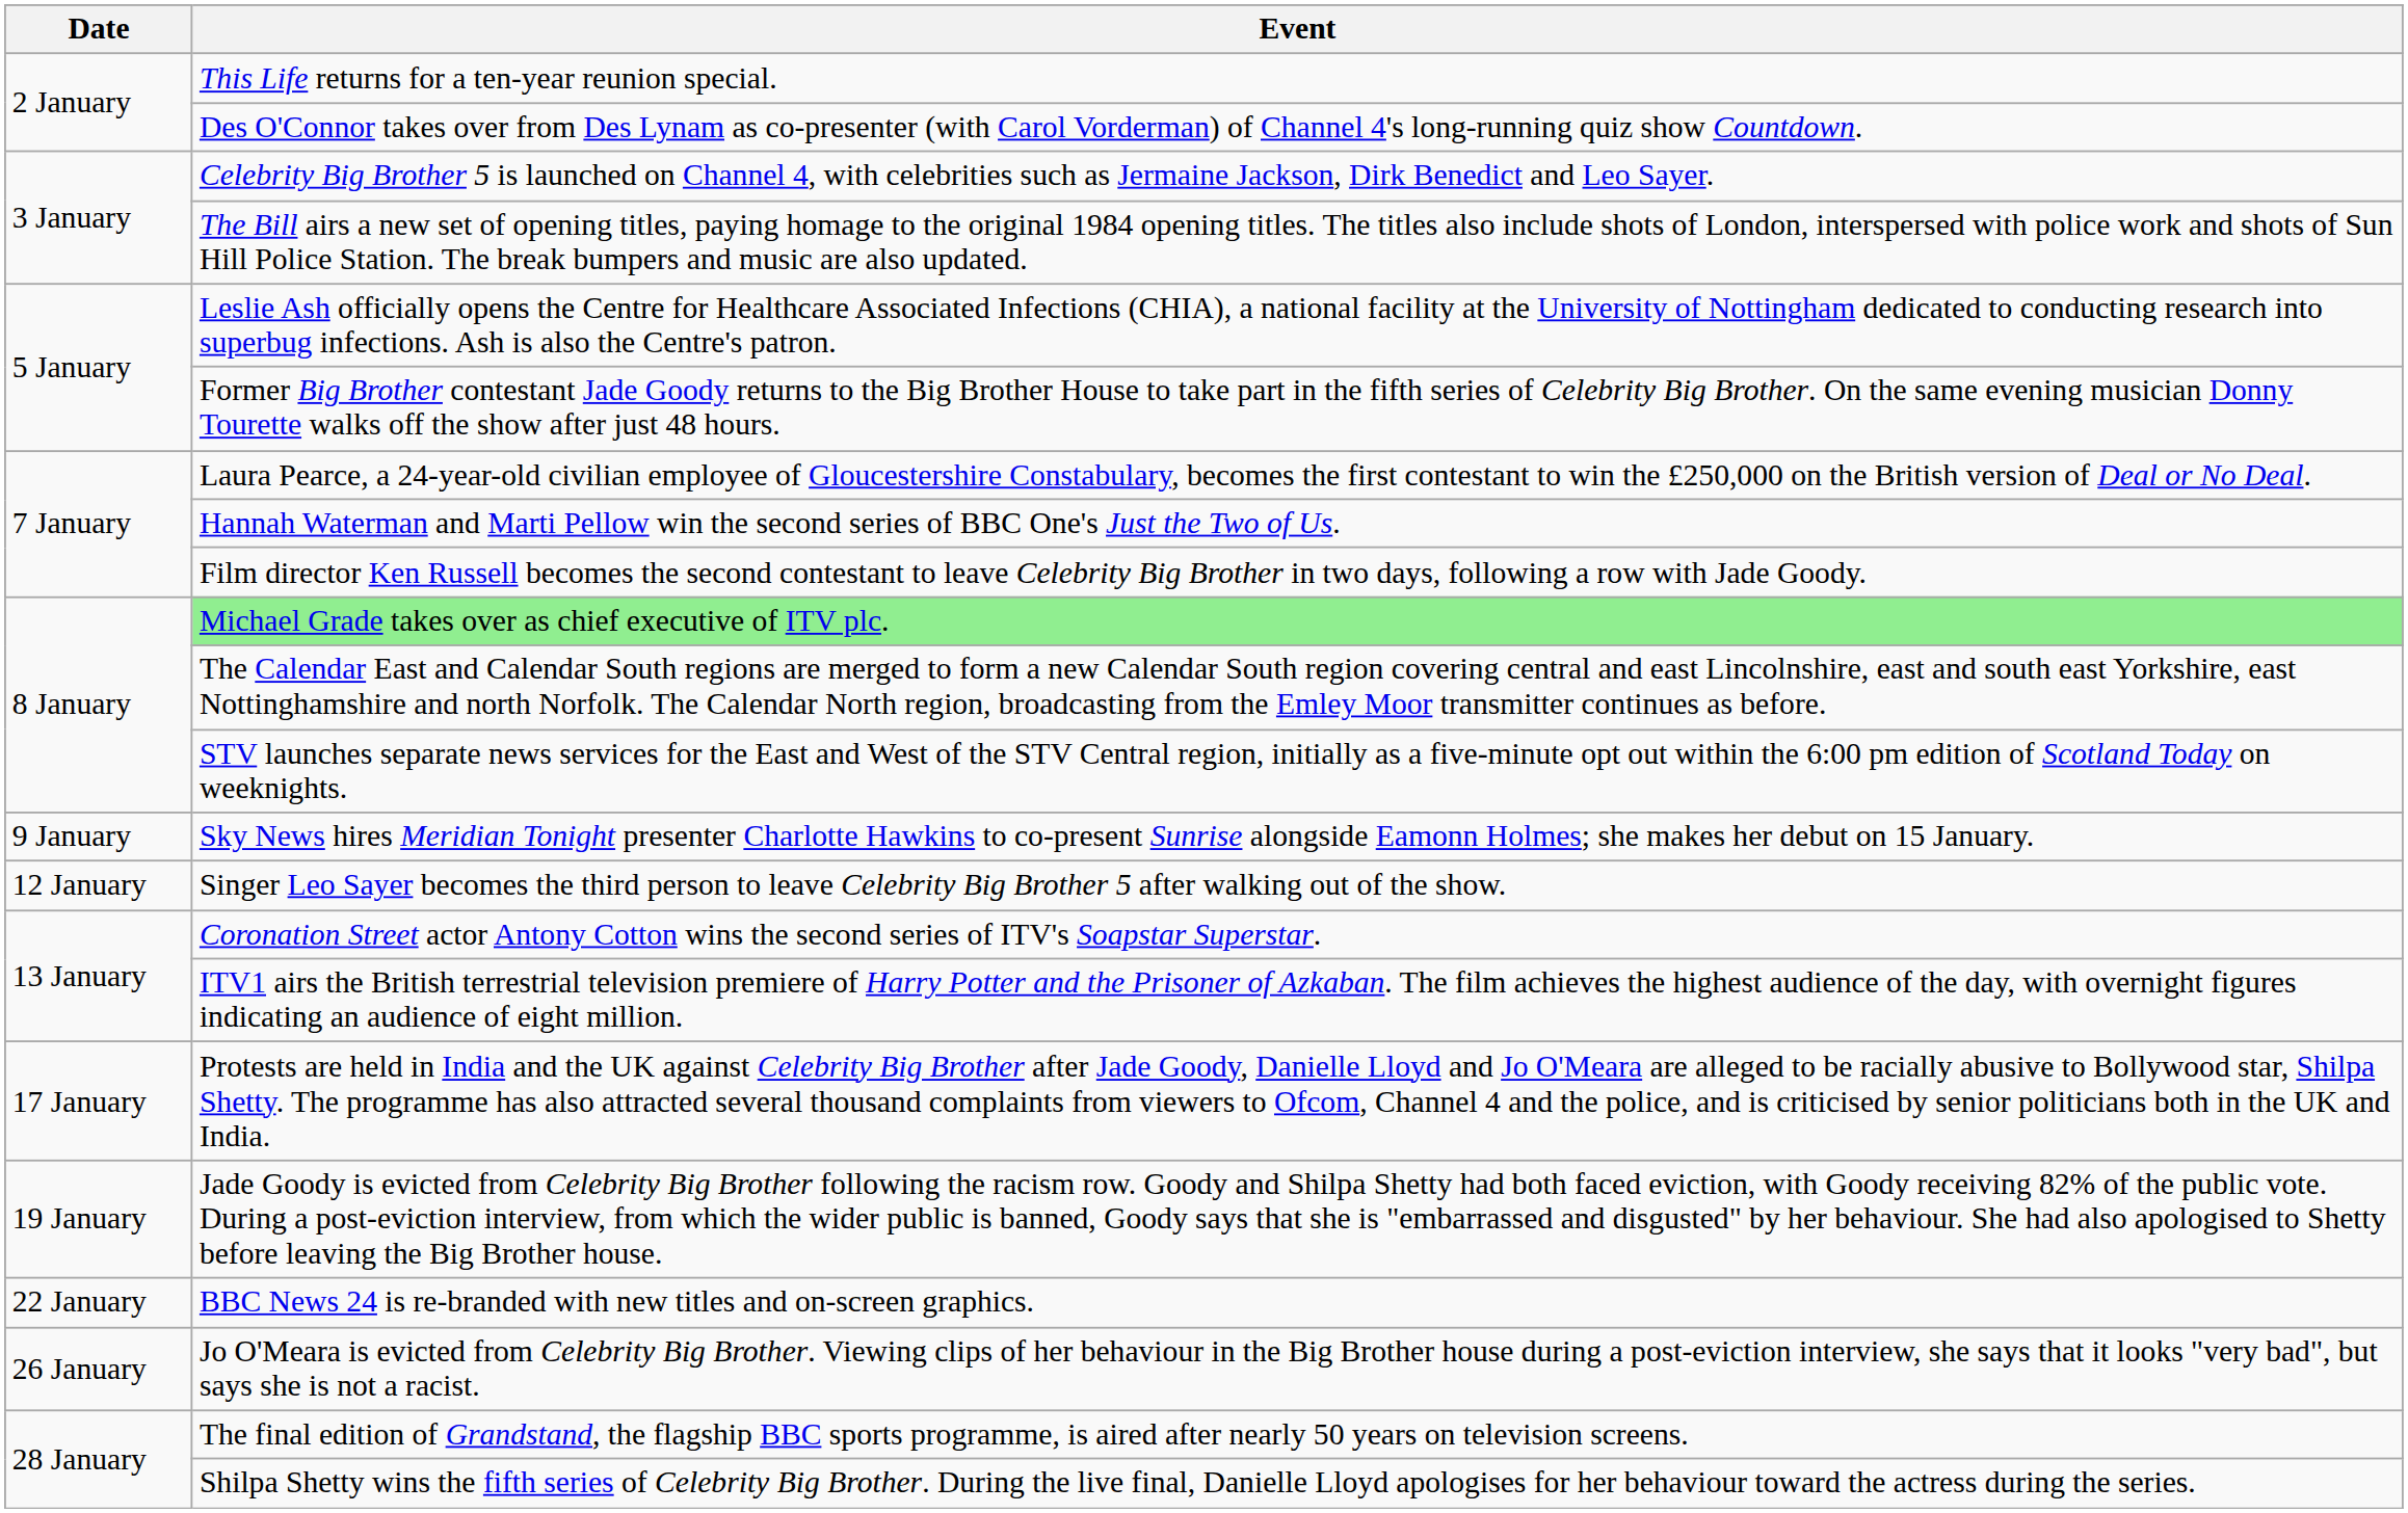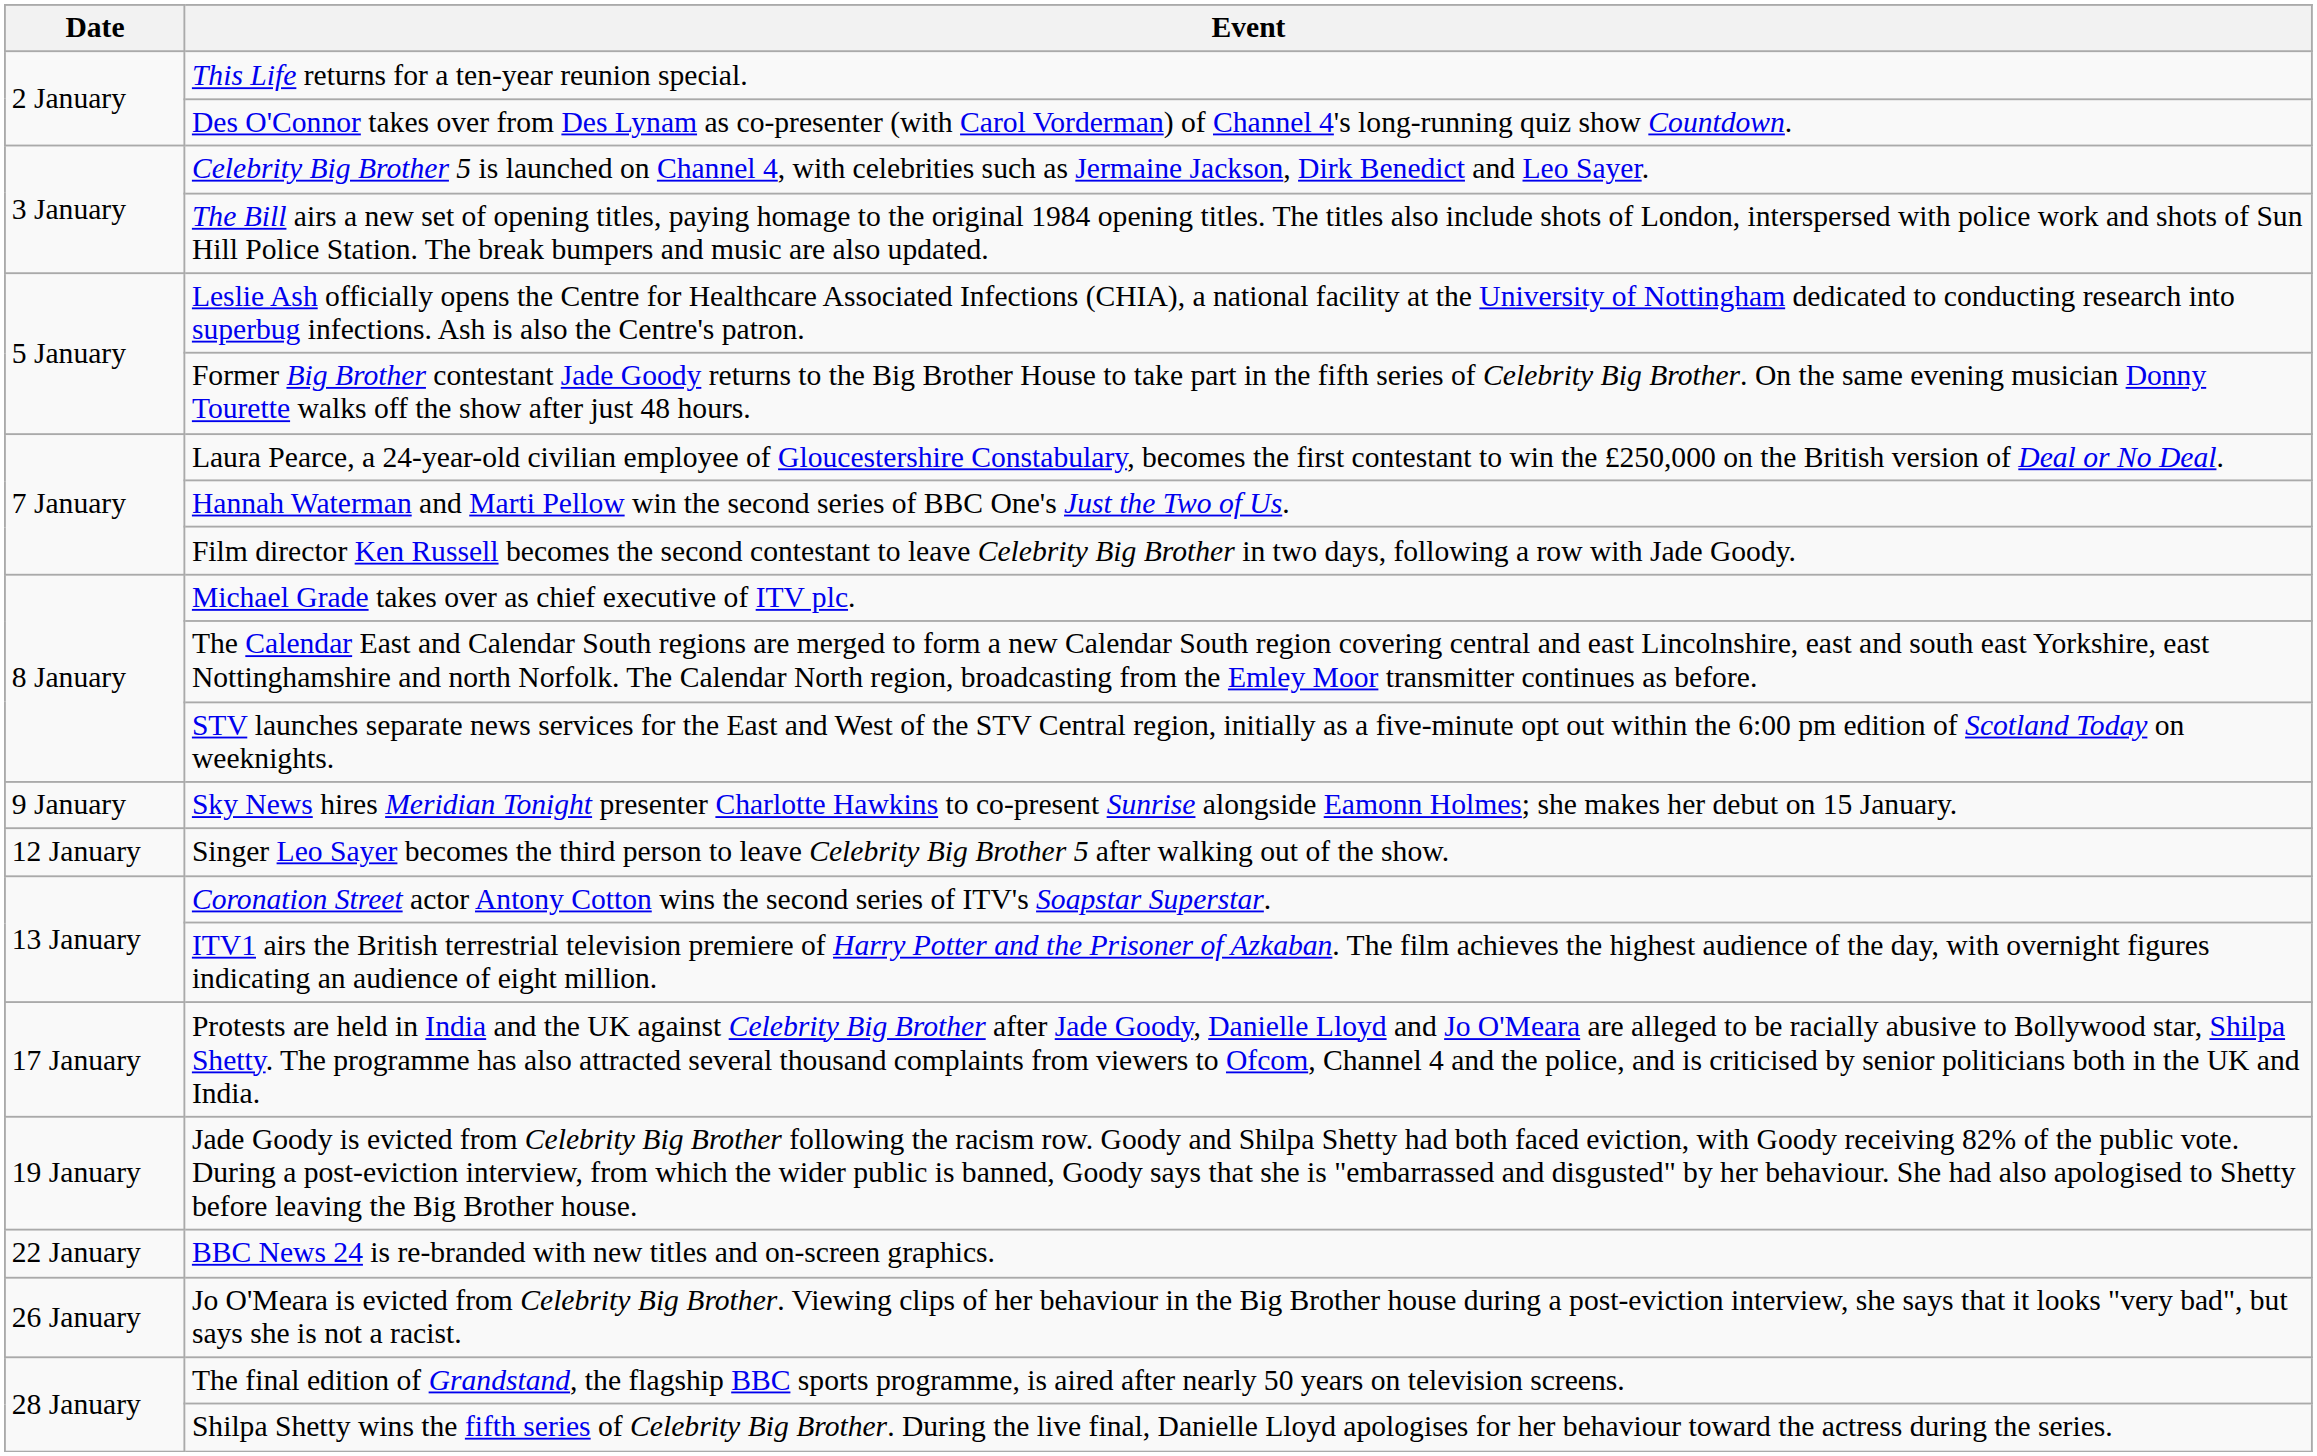 <table class="wikitable">
 <tr>
 <th width=90>Date</th>
 <th>Event</th>
 </tr>
 <tr>
 <td rowspan="2">2 January</td>
 <td><em><a href='#'>This Life</a></em> returns for a ten-year reunion special.</td>
 </tr>
 <tr>
 <td><a href='#'>Des O'Connor</a> takes over from <a href='#'>Des Lynam</a> as co-presenter (with <a href='#'>Carol Vorderman</a>) of <a href='#'>Channel 4</a>'s long-running quiz show <em><a href='#'>Countdown</a></em>.</td>
 </tr>
 <tr>
 <td rowspan=2>3 January</td>
 <td><em><a href='#'>Celebrity Big Brother</a> 5</em> is launched on <a href='#'>Channel 4</a>, with celebrities such as <a href='#'>Jermaine Jackson</a>, <a href='#'>Dirk Benedict</a> and <a href='#'>Leo Sayer</a>.</td>
 </tr>
 <tr>
 <td><em><a href='#'>The Bill</a></em> airs a new set of opening titles, paying homage to the original 1984 opening titles. The titles also include shots of London, interspersed with police work and shots of Sun Hill Police Station. The break bumpers and music are also updated.</td>
 </tr>
 <tr>
 <td rowspan=2>5 January</td>
 <td><a href='#'>Leslie Ash</a> officially opens the Centre for Healthcare Associated Infections (CHIA), a national facility at the <a href='#'>University of Nottingham</a> dedicated to conducting research into <a href='#'>superbug</a> infections. Ash is also the Centre's patron.</td>
 </tr>
 <tr>
 <td>Former <em><a href='#'>Big Brother</a></em> contestant <a href='#'>Jade Goody</a> returns to the Big Brother House to take part in the fifth series of <em>Celebrity Big Brother</em>. On the same evening musician <a href='#'>Donny Tourette</a> walks off the show after just 48 hours.</td>
 </tr>
 <tr>
 <td rowspan=3>7 January</td>
 <td>Laura Pearce, a 24-year-old civilian employee of <a href='#'>Gloucestershire Constabulary</a>, becomes the first contestant to win the £250,000 on the British version of <em><a href='#'>Deal or No Deal</a></em>.</td>
 </tr>
 <tr>
 <td><a href='#'>Hannah Waterman</a> and <a href='#'>Marti Pellow</a> win the second series of BBC One's <em><a href='#'>Just the Two of Us</a></em>.</td>
 </tr>
 <tr>
 <td>Film director <a href='#'>Ken Russell</a> becomes the second contestant to leave <em>Celebrity Big Brother</em> in two days, following a row with Jade Goody.</td>
 </tr>
 <tr>
 <td rowspan=3>8 January</td>
-<td style="background: lightgreen;"><a href='#'>Michael Grade</a> takes over as chief executive of <a href='#'>ITV plc</a>.</td>
+<td><a href='#'>Michael Grade</a> takes over as chief executive of <a href='#'>ITV plc</a>.</td>
 </tr>
 <tr>
 <td>The <a href='#'>Calendar</a> East and Calendar South regions are merged to form a new Calendar South region covering central and east Lincolnshire, east and south east Yorkshire, east Nottinghamshire and north Norfolk. The Calendar North region, broadcasting from the <a href='#'>Emley Moor</a> transmitter continues as before.</td>
 </tr>
 <tr>
 <td><a href='#'>STV</a> launches separate news services for the East and West of the STV Central region, initially as a five-minute opt out within the 6:00 pm edition of <em><a href='#'>Scotland Today</a></em> on weeknights.</td>
 </tr>
 <tr>
 <td>9 January</td>
 <td><a href='#'>Sky News</a> hires <em><a href='#'>Meridian Tonight</a></em> presenter <a href='#'>Charlotte Hawkins</a> to co-present <em><a href='#'>Sunrise</a></em> alongside <a href='#'>Eamonn Holmes</a>; she makes her debut on 15 January.</td>
 </tr>
 <tr>
 <td>12 January</td>
 <td>Singer <a href='#'>Leo Sayer</a> becomes the third person to leave <em>Celebrity Big Brother 5</em> after walking out of the show.</td>
 </tr>
 <tr>
 <td rowspan=2>13 January</td>
 <td><em><a href='#'>Coronation Street</a></em> actor <a href='#'>Antony Cotton</a> wins the second series of ITV's <em><a href='#'>Soapstar Superstar</a></em>.</td>
 </tr>
 <tr>
 <td><a href='#'>ITV1</a> airs the British terrestrial television premiere of <em><a href='#'>Harry Potter and the Prisoner of Azkaban</a></em>. The film achieves the highest audience of the day, with overnight figures indicating an audience of eight million.</td>
 </tr>
 <tr>
 <td>17 January</td>
 <td>Protests are held in <a href='#'>India</a> and the UK against <em><a href='#'>Celebrity Big Brother</a></em> after <a href='#'>Jade Goody</a>, <a href='#'>Danielle Lloyd</a> and <a href='#'>Jo O'Meara</a> are alleged to be racially abusive to Bollywood star, <a href='#'>Shilpa Shetty</a>. The programme has also attracted several thousand complaints from viewers to <a href='#'>Ofcom</a>, Channel 4 and the police, and is criticised by senior politicians both in the UK and India.</td>
 </tr>
 <tr>
 <td>19 January</td>
 <td>Jade Goody is evicted from <em>Celebrity Big Brother</em> following the racism row. Goody and Shilpa Shetty had both faced eviction, with Goody receiving 82% of the public vote. During a post-eviction interview, from which the wider public is banned, Goody says that she is "embarrassed and disgusted" by her behaviour. She had also apologised to Shetty before leaving the Big Brother house.</td>
 </tr>
 <tr>
 <td>22 January</td>
 <td><a href='#'>BBC News 24</a> is re-branded with new titles and on-screen graphics.</td>
 </tr>
 <tr>
 <td>26 January</td>
 <td>Jo O'Meara is evicted from <em>Celebrity Big Brother</em>. Viewing clips of her behaviour in the Big Brother house during a post-eviction interview, she says that it looks "very bad", but says she is not a racist.</td>
 </tr>
 <tr>
 <td rowspan=2>28 January</td>
 <td>The final edition of <em><a href='#'>Grandstand</a></em>, the flagship <a href='#'>BBC</a> sports programme, is aired after nearly 50 years on television screens.</td>
 </tr>
 <tr>
 <td>Shilpa Shetty wins the <a href='#'>fifth series</a> of <em>Celebrity Big Brother</em>. During the live final, Danielle Lloyd apologises for her behaviour toward the actress during the series.</td>
 </tr>
 </table>
